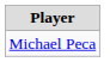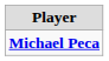 <table class="wikitable">
 <tr style="text-align:center; background:#ddd;">
 <td><strong>Player</strong></td>
 </tr>
 <tr>
-<td><a href='#'>Michael Peca</a></td>
+<td><strong><a href='#'>Michael Peca</a></strong></td>
 </tr>
 </table>
